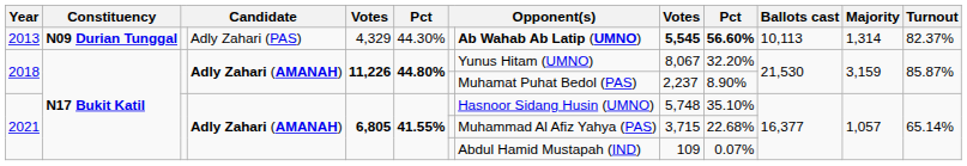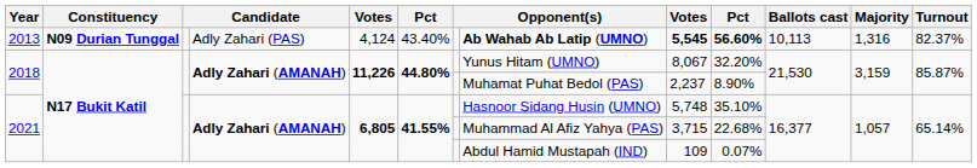 <table class="wikitable" style="margin:0.5em ; font-size:95%">
 <tr>
 <th>Year</th>
 <th>Constituency</th>
 <th colspan=2>Candidate</th>
 <th>Votes</th>
 <th>Pct</th>
 <th colspan=2>Opponent(s)</th>
 <th>Votes</th>
 <th>Pct</th>
 <th>Ballots cast</th>
 <th>Majority</th>
 <th>Turnout</th>
 </tr>
 <tr>
 <td><a href='#'>2013</a></td>
 <td><strong>N09 <a href='#'>Durian Tunggal</a></strong></td>
 <td></td>
 <td>Adly Zahari (<a href='#'>PAS</a>)</td>
-<td align="right">4,329</td>
-<td>44.30%</td>
+<td align="right">4,124</td>
+<td>43.40%</td>
 <td></td>
 <td><strong>Ab Wahab Ab Latip</strong> (<a href='#'><strong>UMNO</strong></a>)</td>
 <td align="right"><strong>5,545</strong></td>
 <td><strong>56.60%</strong></td>
 <td>10,113</td>
-<td>1,314</td>
+<td>1,316</td>
 <td>82.37%</td>
 </tr>
 <tr>
 <td rowspan=2><a href='#'>2018</a></td>
 <td rowspan=5><strong>N17 <a href='#'>Bukit Katil</a></strong></td>
 <td rowspan="2" ></td>
 <td rowspan=2><strong>Adly Zahari</strong> (<a href='#'><strong>AMANAH</strong></a>)</td>
 <td rowspan=2 align="right"><strong>11,226</strong></td>
 <td rowspan=2><strong>44.80%</strong></td>
 <td></td>
 <td>Yunus Hitam (<a href='#'>UMNO</a>)</td>
 <td align="right">8,067</td>
 <td>32.20%</td>
 <td rowspan=2>21,530</td>
 <td rowspan=2>3,159</td>
 <td rowspan=2>85.87%</td>
 </tr>
 <tr>
 <td></td>
 <td>Muhamat Puhat Bedol (<a href='#'>PAS</a>)</td>
 <td>2,237</td>
 <td>8.90%</td>
 </tr>
 <tr>
 <td rowspan=3><a href='#'>2021</a></td>
 <td rowspan=3 ></td>
 <td rowspan=3><strong>Adly Zahari</strong> (<a href='#'><strong>AMANAH</strong></a>)</td>
 <td rowspan=3 align="right"><strong>6,805</strong></td>
 <td rowspan=3><strong>41.55%</strong></td>
 <td></td>
 <td><a href='#'>Hasnoor Sidang Husin</a> (<a href='#'>UMNO</a>)</td>
 <td align="right">5,748</td>
 <td>35.10%</td>
 <td rowspan=3>16,377</td>
 <td rowspan=3>1,057</td>
 <td rowspan=3>65.14%</td>
 </tr>
 <tr>
 <td></td>
 <td>Muhammad Al Afiz Yahya (<a href='#'>PAS</a>)</td>
 <td align="right">3,715</td>
 <td>22.68%</td>
 </tr>
 <tr>
 <td></td>
 <td>Abdul Hamid Mustapah (<a href='#'>IND</a>)</td>
 <td align="right">109</td>
 <td align="right">0.07%</td>
 </tr>
 </table>
